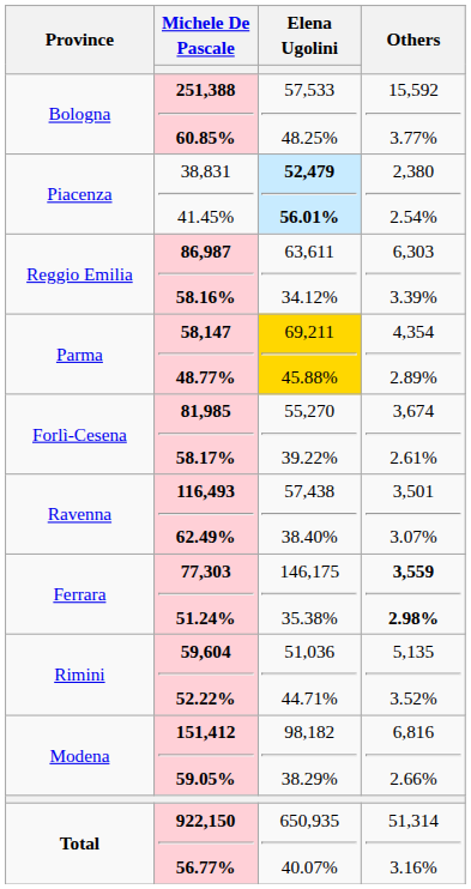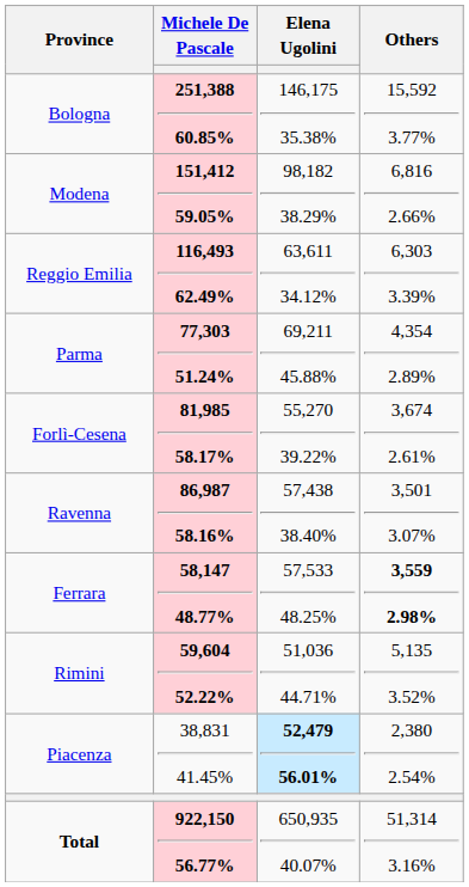 <table class="wikitable" style="text-align:center;font-size:90%;line-height:20px">
 <tr style="height:30px; background-color:#E9E9E9">
 <th style="width:110px;" rowspan="2">Province</th>
 <th style="width:75px;"><a href='#'>Michele De Pascale</a></th>
 <th style="width:75px;">Elena Ugolini</th>
 <th rowspan="2" style="width:75px;">Others</th>
 </tr>
 <tr>
 <th style="background:"></th>
 <th style="background:"></th>
 </tr>
 <tr>
 <td><a href='#'>Bologna</a></td>
 <td style="background:#FFD0D7"><strong>251,388 <hr>60.85%</strong></td>
-<td>57,533 <hr>48.25%</td>
+<td>146,175 <hr>35.38%</td>
 <td>15,592 <hr>3.77%</td>
 </tr>
 <tr>
-<td><a href='#'>Piacenza</a></td>
-<td>38,831 <hr>41.45%</td>
-<td style="background:#C8EBFF"><strong>52,479 <hr>56.01%</strong></td>
-<td>2,380 <hr>2.54%</td>
+<td><a href='#'>Modena</a></td>
+<td style="background:#FFD0D7"><strong>151,412 <hr>59.05%</strong></td>
+<td>98,182 <hr>38.29%</td>
+<td>6,816 <hr>2.66%</td>
 </tr>
 <tr>
 <td><a href='#'>Reggio Emilia</a></td>
-<td style="background:#FFD0D7"><strong>86,987<hr>58.16%</strong></td>
+<td style="background:#FFD0D7"><strong>116,493 <hr>62.49%</strong></td>
 <td>63,611 <hr>34.12%</td>
 <td>6,303 <hr>3.39%</td>
 </tr>
 <tr>
 <td><a href='#'>Parma</a></td>
-<td style="background:#FFD0D7"><strong>58,147<hr>48.77%</strong></td>
-<td style="background: gold;">69,211 <hr>45.88%</td>
+<td style="background:#FFD0D7"><strong>77,303 <hr>51.24%</strong></td>
+<td>69,211 <hr>45.88%</td>
 <td>4,354 <hr>2.89%</td>
 </tr>
 <tr>
 <td><a href='#'>Forlì-Cesena</a></td>
 <td style="background:#FFD0D7"><strong>81,985<hr>58.17%</strong></td>
 <td>55,270 <hr>39.22%</td>
 <td>3,674 <hr>2.61%</td>
 </tr>
 <tr>
 <td><a href='#'>Ravenna</a></td>
-<td style="background:#FFD0D7"><strong>116,493 <hr>62.49%</strong></td>
+<td style="background:#FFD0D7"><strong>86,987<hr>58.16%</strong></td>
 <td>57,438 <hr>38.40%</td>
 <td>3,501 <hr>3.07%</td>
 </tr>
 <tr>
 <td><a href='#'>Ferrara</a></td>
-<td style="background:#FFD0D7"><strong>77,303 <hr>51.24%</strong></td>
-<td>146,175 <hr>35.38%</td>
+<td style="background:#FFD0D7"><strong>58,147<hr>48.77%</strong></td>
+<td>57,533 <hr>48.25%</td>
 <td><strong>3,559 <hr>2.98%</strong></td>
 </tr>
 <tr>
 <td><a href='#'>Rimini</a></td>
 <td style="background:#FFD0D7"><strong>59,604<hr>52.22%</strong></td>
 <td>51,036 <hr>44.71%</td>
 <td>5,135 <hr>3.52%</td>
 </tr>
 <tr>
-<td><a href='#'>Modena</a></td>
-<td style="background:#FFD0D7"><strong>151,412 <hr>59.05%</strong></td>
-<td>98,182 <hr>38.29%</td>
-<td>6,816 <hr>2.66%</td>
+<td><a href='#'>Piacenza</a></td>
+<td>38,831 <hr>41.45%</td>
+<td style="background:#C8EBFF"><strong>52,479 <hr>56.01%</strong></td>
+<td>2,380 <hr>2.54%</td>
 </tr>
 <tr>
 <th colspan=4></th>
 </tr>
 <tr>
 <td><strong>Total</strong></td>
 <td style="background:#FFD0D7"><strong>922,150<hr>56.77%</strong></td>
 <td>650,935 <hr>40.07%</td>
 <td>51,314 <hr>3.16%</td>
 </tr>
 </table>
